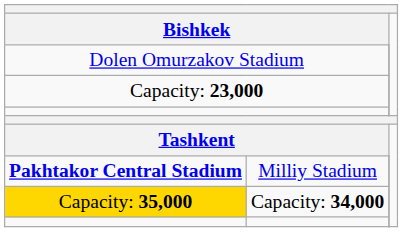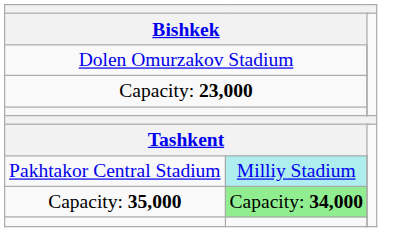 <table class="wikitable" style="text-align:center">
 <tr>
 <th colspan=4></th>
 </tr>
 <tr>
 <th colspan=3><a href='#'>Bishkek</a></th>
 <td rowspan=4></td>
 </tr>
 <tr>
 <td colspan=2><a href='#'>Dolen Omurzakov Stadium</a></td>
 </tr>
 <tr>
 <td colspan=2>Capacity: <strong>23,000</strong></td>
 </tr>
 <tr>
 <td colspan=2></td>
 </tr>
 <tr>
 <th colspan=4></th>
 </tr>
 <tr>
 <th colspan=3><a href='#'>Tashkent</a></th>
 <td rowspan=4></td>
 </tr>
 <tr>
-<td><strong><a href='#'>Pakhtakor Central Stadium</a></strong></td>
-<td><a href='#'>Milliy Stadium</a></td>
+<td><a href='#'>Pakhtakor Central Stadium</a></td>
+<td style="background: paleturquoise;"><a href='#'>Milliy Stadium</a></td>
 </tr>
 <tr>
-<td style="background: gold;">Capacity: <strong>35,000</strong></td>
-<td>Capacity: <strong>34,000</strong></td>
+<td>Capacity: <strong>35,000</strong></td>
+<td style="background: lightgreen;">Capacity: <strong>34,000</strong></td>
 </tr>
 <tr>
 <td></td>
 <td></td>
 </tr>
 </table>
